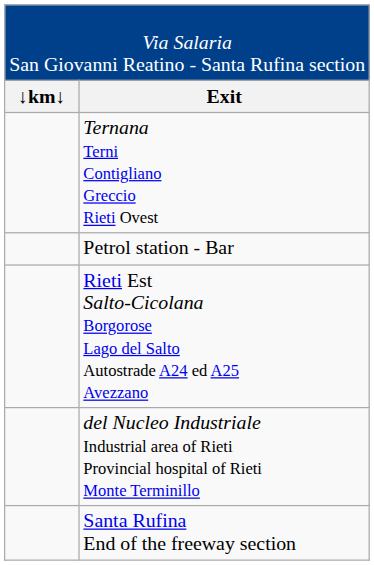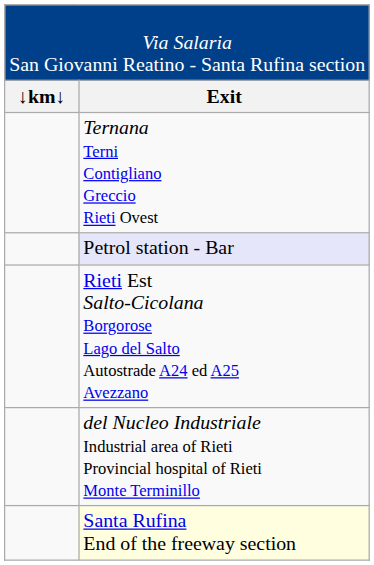 <table class="wikitable">
 <tr align="center" bgcolor="00408B" style="color: white;font-size:100%;">
 <td colspan="6"><br><em>Via Salaria</em><br>San Giovanni Reatino - Santa Rufina section</td>
 </tr>
 <tr>
 <th style="text-align:center;"><strong>↓km↓</strong></th>
 <th align="center"><strong>Exit</strong></th>
 </tr>
 <tr>
 <td> </td>
 <td> <em>Ternana</em><br><small><a href='#'>Terni</a><br><a href='#'>Contigliano</a><br><a href='#'>Greccio</a><br><a href='#'>Rieti</a> Ovest</small></td>
 </tr>
 <tr>
 <td>  </td>
-<td>Petrol station - Bar</td>
+<td style="background: lavender;">Petrol station - Bar</td>
 </tr>
 <tr>
 <td> </td>
 <td><a href='#'>Rieti</a> Est<br> <em>Salto-Cicolana</em><br><small><a href='#'>Borgorose</a><br> <a href='#'>Lago del Salto</a><br>Autostrade  <a href='#'>A24</a> ed  <a href='#'>A25</a><br><a href='#'>Avezzano</a></small></td>
 </tr>
 <tr>
 <td> </td>
 <td> <em>del Nucleo Industriale</em><br><small> Industrial area of Rieti<br> Provincial hospital of Rieti<br> <a href='#'>Monte Terminillo</a></small></td>
 </tr>
 <tr>
 <td><br> </td>
-<td><a href='#'>Santa Rufina</a><br>End of the freeway section</td>
+<td style="background: lightyellow;"><a href='#'>Santa Rufina</a><br>End of the freeway section</td>
 </tr>
 </table>
